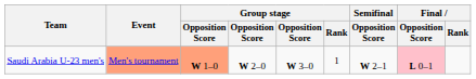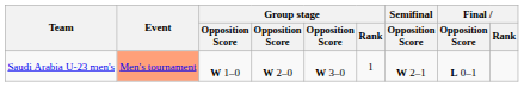 <table class="wikitable" style="text-align:center; font-size:90%">
 <tr>
 <th rowspan=2>Team</th>
 <th rowspan=2>Event</th>
 <th colspan=4>Group stage</th>
 <th>Semifinal</th>
 <th colspan=2>Final / </th>
 </tr>
 <tr style="font-size:95%">
 <th>Opposition<br>Score</th>
 <th>Opposition<br>Score</th>
 <th>Opposition<br>Score</th>
 <th>Rank</th>
 <th>Opposition<br>Score</th>
 <th>Opposition<br>Score</th>
 <th>Rank</th>
 </tr>
 <tr>
 <td align=left><a href='#'>Saudi Arabia U-23 men's</a></td>
 <td align=left style="background: lightsalmon;"><a href='#'>Men's tournament</a></td>
-<td style="background: lightsalmon;"><br><strong>W</strong> 1–0</td>
+<td><br><strong>W</strong> 1–0</td>
 <td><br><strong>W</strong> 2–0</td>
 <td><br><strong>W</strong> 3–0</td>
 <td>1</td>
 <td><br><strong>W</strong> 2–1</td>
-<td style="background: pink;"><br><strong>L</strong> 0–1</td>
+<td><br><strong>L</strong> 0–1</td>
 <td></td>
 </tr>
 </table>
